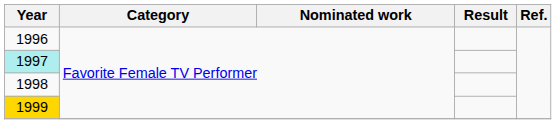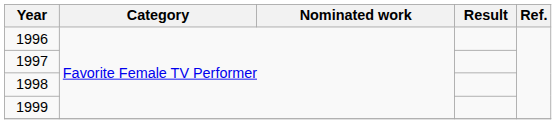 <table class=wikitable>
 <tr>
 <th scope="col" style="width:5em;">Year</th>
 <th scope="col" style="width:26em;">Category</th>
 <th scope="col" style="width:25em;">Nominated work</th>
 <th scope="col" style="width:5em;">Result</th>
 <th>Ref.</th>
 </tr>
 <tr>
 <td style="text-align:center;">1996</td>
 <td colspan=2, rowspan="4"><a href='#'>Favorite Female TV Performer</a></td>
 <td></td>
 <td rowspan=4></td>
 </tr>
 <tr>
-<td style="background: paleturquoise; text-align:center;">1997</td>
+<td style="text-align:center;">1997</td>
 <td></td>
 </tr>
 <tr>
 <td style="text-align:center;">1998</td>
 <td></td>
 </tr>
 <tr>
-<td style="background: gold; text-align:center;">1999</td>
+<td style="text-align:center;">1999</td>
 <td></td>
 </tr>
 <tr>
 </tr>
 </table>
